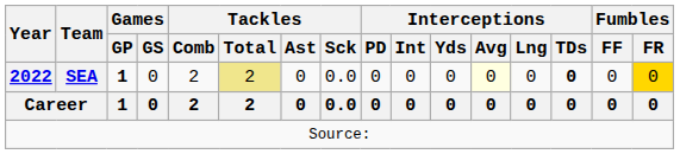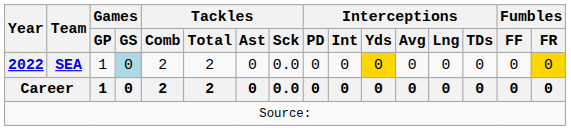 <table class="wikitable" style="text-align: center;">
 <tr>
 <th rowspan="2">Year</th>
 <th rowspan="2">Team</th>
 <th colspan="2">Games</th>
 <th colspan="4">Tackles</th>
 <th colspan="6">Interceptions</th>
 <th colspan="2">Fumbles</th>
 </tr>
 <tr>
 <th>GP</th>
 <th>GS</th>
 <th>Comb</th>
 <th>Total</th>
 <th>Ast</th>
 <th>Sck</th>
 <th>PD</th>
 <th>Int</th>
 <th>Yds</th>
 <th>Avg</th>
 <th>Lng</th>
 <th>TDs</th>
 <th>FF</th>
 <th>FR</th>
 </tr>
 <tr>
 <th><a href='#'>2022</a></th>
 <th><a href='#'>SEA</a></th>
-<td><strong>1</strong></td>
-<td>0</td>
+<td>1</td>
+<td style="background: lightblue;">0</td>
 <td>2</td>
-<td style="background: khaki;">2</td>
+<td>2</td>
 <td>0</td>
 <td>0.0</td>
 <td>0</td>
 <td>0</td>
+<td style="background: gold;">0</td>
 <td>0</td>
-<td style="background: lightyellow;">0</td>
 <td>0</td>
-<td><strong>0</strong></td>
+<td>0</td>
 <td>0</td>
 <td style="background: gold;">0</td>
 </tr>
 <tr>
 <th colspan="2">Career</th>
 <th>1</th>
 <th>0</th>
 <th>2</th>
 <th>2</th>
 <th>0</th>
 <th>0.0</th>
 <th>0</th>
 <th>0</th>
 <th>0</th>
 <th>0</th>
 <th>0</th>
 <th>0</th>
 <th>0</th>
 <th>0</th>
 </tr>
 <tr>
 <td colspan="18"><small>Source: </small></td>
 </tr>
 </table>
